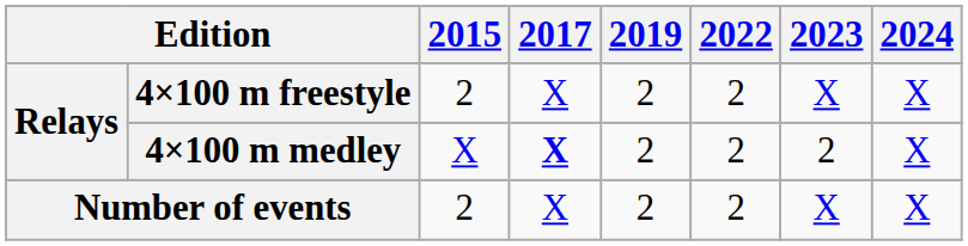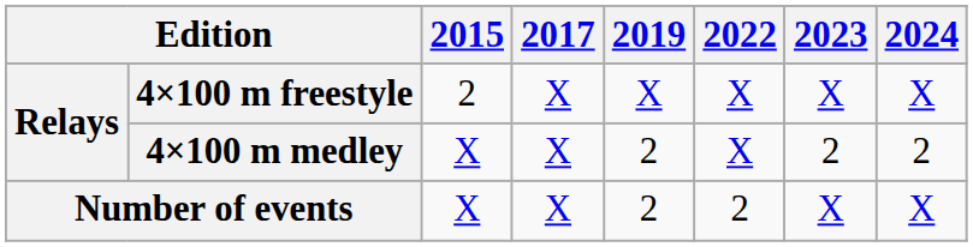 <table class="wikitable" style="text-size:95%; text-align:center">
 <tr>
 <th colspan="2">Edition</th>
 <th><a href='#'>2015</a></th>
 <th><a href='#'>2017</a></th>
 <th><a href='#'>2019</a></th>
 <th><a href='#'>2022</a></th>
 <th><a href='#'>2023</a></th>
 <th><a href='#'>2024</a></th>
 </tr>
 <tr>
 <th rowspan="2">Relays</th>
 <th>4×100 m freestyle</th>
 <td>2</td>
 <td><a href='#'>X</a></td>
-<td>2</td>
-<td>2</td>
+<td><a href='#'>X</a></td>
+<td><a href='#'>X</a></td>
 <td><a href='#'>X</a></td>
 <td><a href='#'>X</a></td>
 </tr>
 <tr>
 <th>4×100 m medley</th>
 <td><a href='#'>X</a></td>
-<td><strong><a href='#'>X</a></strong></td>
+<td><a href='#'>X</a></td>
+<td>2</td>
+<td><a href='#'>X</a></td>
 <td>2</td>
 <td>2</td>
-<td>2</td>
-<td><a href='#'>X</a></td>
 </tr>
 <tr>
 <th colspan="2">Number of events</th>
-<td>2</td>
+<td><a href='#'>X</a></td>
 <td><a href='#'>X</a></td>
 <td>2</td>
 <td>2</td>
 <td><a href='#'>X</a></td>
 <td><a href='#'>X</a></td>
 </tr>
 </table>
